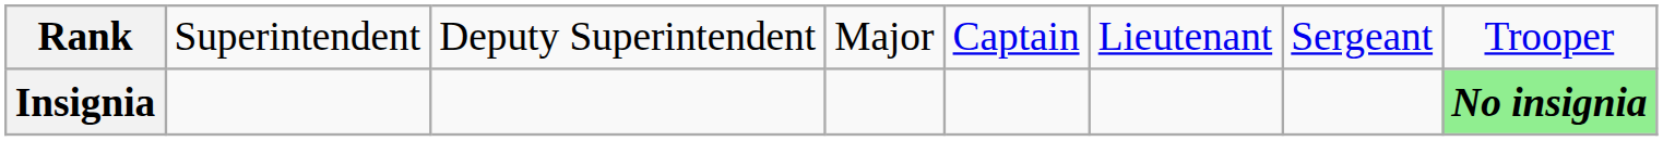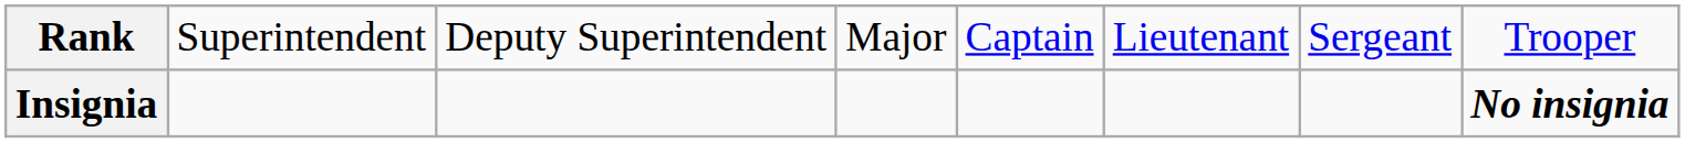 <table class="wikitable">
 <tr style="text-align:center;">
 <th>Rank</th>
 <td>Superintendent</td>
 <td>Deputy Superintendent</td>
 <td>Major</td>
 <td><a href='#'>Captain</a></td>
 <td><a href='#'>Lieutenant</a></td>
 <td><a href='#'>Sergeant</a></td>
 <td><a href='#'>Trooper</a></td>
 </tr>
 <tr style="text-align:center;">
 <th>Insignia</th>
 <td></td>
 <td></td>
 <td></td>
 <td></td>
 <td></td>
 <td></td>
-<td style="background: lightgreen;"><strong><em>No insignia</em></strong></td>
+<td><strong><em>No insignia</em></strong></td>
 </tr>
 </table>
